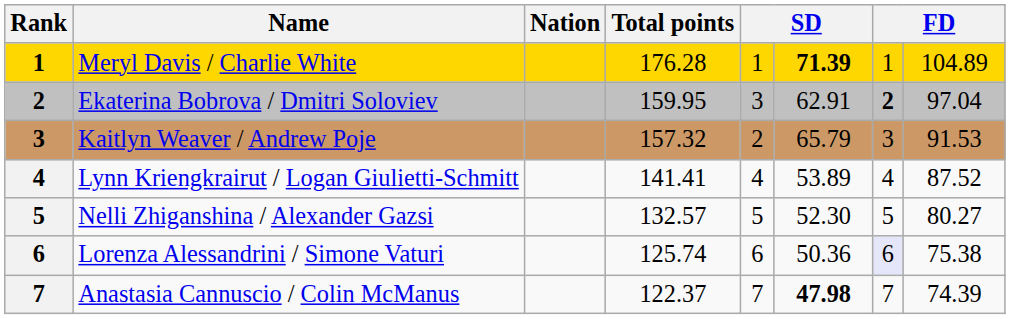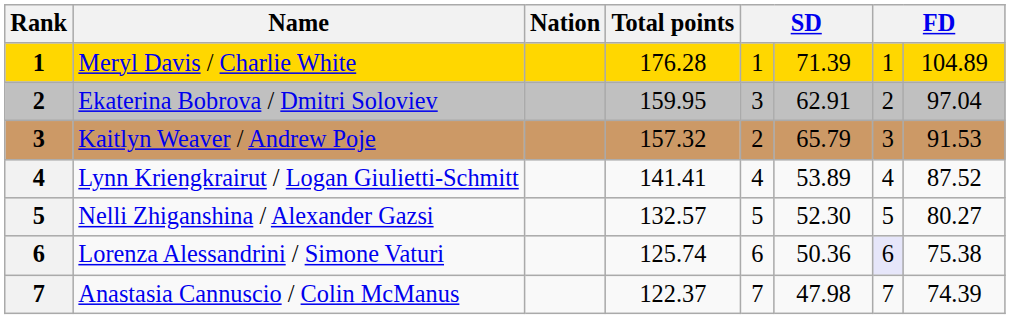 <table class="wikitable sortable">
 <tr>
 <th>Rank</th>
 <th>Name</th>
 <th>Nation</th>
 <th>Total points</th>
 <th colspan="2" width="80px"><a href='#'>SD</a></th>
 <th colspan="2" width="80px"><a href='#'>FD</a></th>
 </tr>
 <tr bgcolor="gold">
 <td align="center"><strong>1</strong></td>
 <td><a href='#'>Meryl Davis</a> / <a href='#'>Charlie White</a></td>
 <td></td>
 <td align="center">176.28</td>
 <td align="center">1</td>
-<td align="center"><strong>71.39</strong></td>
+<td align="center">71.39</td>
 <td align="center">1</td>
 <td align="center">104.89</td>
 </tr>
 <tr bgcolor="silver">
 <td align="center"><strong>2</strong></td>
 <td><a href='#'>Ekaterina Bobrova</a> / <a href='#'>Dmitri Soloviev</a></td>
 <td></td>
 <td align="center">159.95</td>
 <td align="center">3</td>
 <td align="center">62.91</td>
-<td align="center"><strong>2</strong></td>
+<td align="center">2</td>
 <td align="center">97.04</td>
 </tr>
 <tr bgcolor="cc9966">
 <td align="center"><strong>3</strong></td>
 <td><a href='#'>Kaitlyn Weaver</a> / <a href='#'>Andrew Poje</a></td>
 <td></td>
 <td align="center">157.32</td>
 <td align="center">2</td>
 <td align="center">65.79</td>
 <td align="center">3</td>
 <td align="center">91.53</td>
 </tr>
 <tr>
 <th>4</th>
 <td><a href='#'>Lynn Kriengkrairut</a> / <a href='#'>Logan Giulietti-Schmitt</a></td>
 <td></td>
 <td align="center">141.41</td>
 <td align="center">4</td>
 <td align="center">53.89</td>
 <td align="center">4</td>
 <td align="center">87.52</td>
 </tr>
 <tr>
 <th>5</th>
 <td><a href='#'>Nelli Zhiganshina</a> / <a href='#'>Alexander Gazsi</a></td>
 <td></td>
 <td align="center">132.57</td>
 <td align="center">5</td>
 <td align="center">52.30</td>
 <td align="center">5</td>
 <td align="center">80.27</td>
 </tr>
 <tr>
 <th>6</th>
 <td><a href='#'>Lorenza Alessandrini</a> / <a href='#'>Simone Vaturi</a></td>
 <td></td>
 <td align="center">125.74</td>
 <td align="center">6</td>
 <td align="center">50.36</td>
 <td align="center" style="background: lavender;">6</td>
 <td align="center">75.38</td>
 </tr>
 <tr>
 <th>7</th>
 <td><a href='#'>Anastasia Cannuscio</a> / <a href='#'>Colin McManus</a></td>
 <td></td>
 <td align="center">122.37</td>
 <td align="center">7</td>
-<td align="center"><strong>47.98</strong></td>
+<td align="center">47.98</td>
 <td align="center">7</td>
 <td align="center">74.39</td>
 </tr>
 </table>
